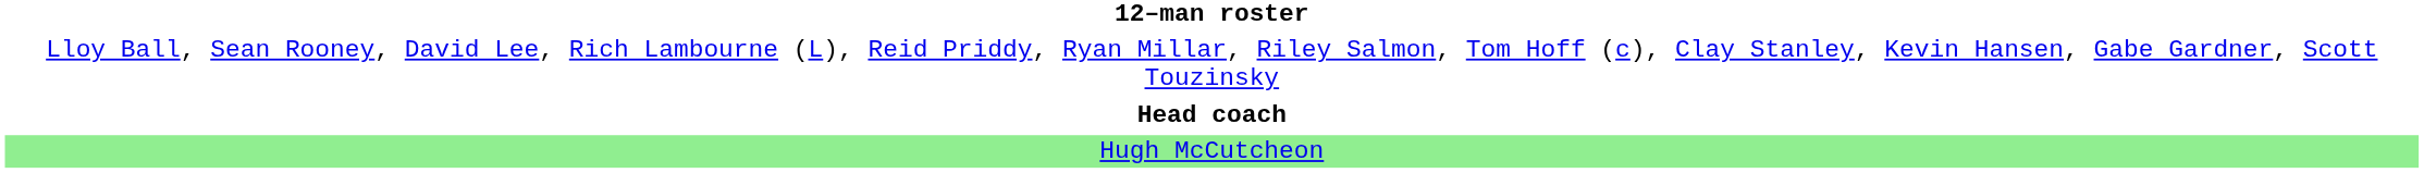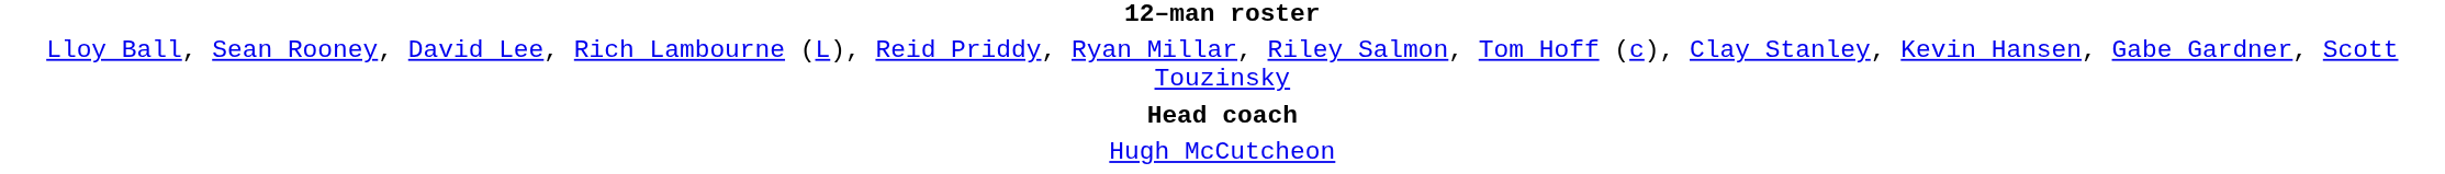 <table style="text-align:center; margin-top:2em; margin-left:auto; margin-right:auto">
 <tr>
 <td><strong>12–man roster</strong></td>
 </tr>
 <tr>
 <td><a href='#'>Lloy Ball</a>, <a href='#'>Sean Rooney</a>, <a href='#'>David Lee</a>, <a href='#'>Rich Lambourne</a> (<a href='#'>L</a>), <a href='#'>Reid Priddy</a>, <a href='#'>Ryan Millar</a>, <a href='#'>Riley Salmon</a>, <a href='#'>Tom Hoff</a> (<a href='#'>c</a>), <a href='#'>Clay Stanley</a>, <a href='#'>Kevin Hansen</a>, <a href='#'>Gabe Gardner</a>, <a href='#'>Scott Touzinsky</a></td>
 </tr>
 <tr>
 <td><strong>Head coach</strong></td>
 </tr>
 <tr>
-<td style="background: lightgreen;"><a href='#'>Hugh McCutcheon</a></td>
+<td><a href='#'>Hugh McCutcheon</a></td>
 </tr>
 </table>
